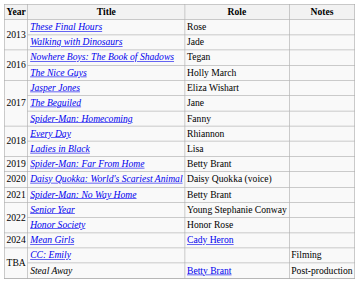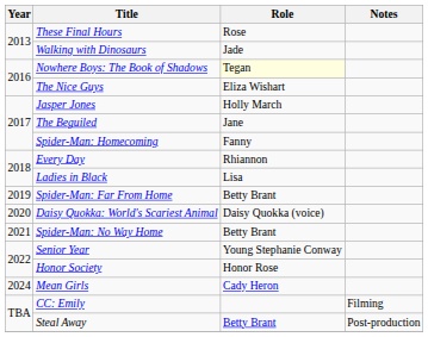 <table class="wikitable sortable">
 <tr>
 <th scope="col">Year</th>
 <th scope="col">Title</th>
 <th scope="col">Role</th>
 <th scope="col" class="unsortable">Notes</th>
 </tr>
 <tr>
 <td rowspan="2">2013</td>
 <td><em><a href='#'>These Final Hours</a></em></td>
 <td>Rose</td>
 <td></td>
 </tr>
 <tr>
 <td><em><a href='#'>Walking with Dinosaurs</a></em></td>
 <td>Jade</td>
 <td></td>
 </tr>
 <tr>
 <td rowspan="2">2016</td>
 <td><em><a href='#'>Nowhere Boys: The Book of Shadows</a></em></td>
-<td>Tegan</td>
+<td style="background: lightyellow;">Tegan</td>
 <td></td>
 </tr>
 <tr>
 <td><em><a href='#'>The Nice Guys</a></em></td>
-<td>Holly March</td>
+<td>Eliza Wishart</td>
 <td></td>
 </tr>
 <tr>
 <td rowspan="3">2017</td>
 <td><em><a href='#'>Jasper Jones</a></em></td>
-<td>Eliza Wishart</td>
+<td>Holly March</td>
 <td></td>
 </tr>
 <tr>
 <td><em><a href='#'>The Beguiled</a></em></td>
 <td>Jane</td>
 <td></td>
 </tr>
 <tr>
 <td><em><a href='#'>Spider-Man: Homecoming</a></em></td>
 <td>Fanny</td>
 <td></td>
 </tr>
 <tr>
 <td rowspan="2">2018</td>
 <td><em><a href='#'>Every Day</a></em></td>
 <td>Rhiannon</td>
 <td></td>
 </tr>
 <tr>
 <td><em><a href='#'>Ladies in Black</a></em></td>
 <td>Lisa</td>
 <td></td>
 </tr>
 <tr>
 <td>2019</td>
 <td><em><a href='#'>Spider-Man: Far From Home</a></em></td>
 <td>Betty Brant</td>
 <td></td>
 </tr>
 <tr>
 <td>2020</td>
 <td><em><a href='#'>Daisy Quokka: World's Scariest Animal</a></em></td>
 <td>Daisy Quokka (voice)</td>
 <td></td>
 </tr>
 <tr>
 <td>2021</td>
 <td><em><a href='#'>Spider-Man: No Way Home</a></em></td>
 <td>Betty Brant</td>
 <td></td>
 </tr>
 <tr>
 <td rowspan="2">2022</td>
 <td><em><a href='#'>Senior Year</a></em></td>
 <td>Young Stephanie Conway</td>
 <td></td>
 </tr>
 <tr>
 <td><em><a href='#'>Honor Society</a></em></td>
 <td>Honor Rose</td>
 <td></td>
 </tr>
 <tr>
 <td>2024</td>
 <td><em><a href='#'>Mean Girls</a></em></td>
 <td><a href='#'>Cady Heron</a></td>
 <td></td>
 </tr>
 <tr>
 <td rowspan=2>TBA</td>
 <td><em><a href='#'>CC: Emily</a></em></td>
 <td></td>
 <td>Filming</td>
 </tr>
 <tr>
 <td><em>Steal Away</em></td>
 <td><a href='#'>Betty Brant</a></td>
 <td>Post-production</td>
 </tr>
 <tr>
 </tr>
 </table>
